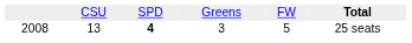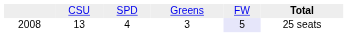 <table border="0" cellpadding="2" cellspacing="0" width="60%">
 <tr bgcolor="#eeeeee" align="center">
 <td></td>
 <td><a href='#'>CSU</a></td>
 <td><a href='#'>SPD</a></td>
 <td><a href='#'>Greens</a></td>
 <td><a href='#'>FW</a></td>
 <td><strong>Total</strong></td>
 </tr>
 <tr align="center">
 <td>2008</td>
 <td>13</td>
-<td><strong>4</strong></td>
+<td>4</td>
 <td>3</td>
-<td>5</td>
+<td style="background: lavender;">5</td>
 <td>25 seats</td>
 </tr>
 </table>
